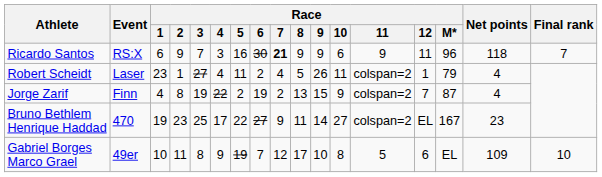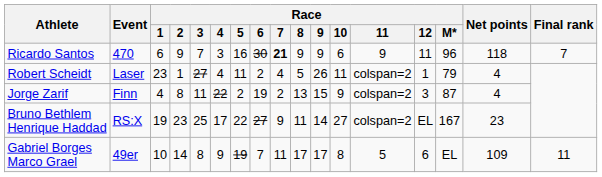 <table class="wikitable" style="font-size:90%">
 <tr>
 <th rowspan="2">Athlete</th>
 <th rowspan="2">Event</th>
 <th colspan=13>Race</th>
 <th rowspan=2>Net points</th>
 <th rowspan=2>Final rank</th>
 </tr>
 <tr style="font-size:95%">
 <th>1</th>
 <th>2</th>
 <th>3</th>
 <th>4</th>
 <th>5</th>
 <th>6</th>
 <th>7</th>
 <th>8</th>
 <th>9</th>
 <th>10</th>
 <th>11</th>
 <th>12</th>
 <th>M*</th>
 </tr>
 <tr align=center>
 <td align=left><a href='#'>Ricardo Santos</a></td>
-<td align=left><a href='#'>RS:X</a></td>
+<td align=left><a href='#'>470</a></td>
 <td>6</td>
 <td>9</td>
 <td>7</td>
 <td>3</td>
 <td>16</td>
 <td><s>30</s></td>
 <td><strong>21</strong></td>
 <td>9</td>
 <td>9</td>
 <td>6</td>
 <td>9</td>
 <td>11</td>
 <td>96</td>
 <td>118</td>
 <td>7</td>
 </tr>
 <tr align=center>
 <td align=left><a href='#'>Robert Scheidt</a></td>
 <td align=left><a href='#'>Laser</a></td>
 <td>23</td>
 <td>1</td>
 <td><s>27</s></td>
 <td>4</td>
 <td>11</td>
 <td>2</td>
 <td>4</td>
 <td>5</td>
 <td>26</td>
 <td>11</td>
 <td>colspan=2 </td>
 <td>1</td>
 <td>79</td>
 <td>4</td>
 </tr>
 <tr align=center>
 <td align=left><a href='#'>Jorge Zarif</a></td>
 <td align=left><a href='#'>Finn</a></td>
 <td>4</td>
 <td>8</td>
-<td>19</td>
+<td>11</td>
 <td><s>22</s></td>
 <td>2</td>
 <td>19</td>
 <td>2</td>
 <td>13</td>
 <td>15</td>
 <td>9</td>
 <td>colspan=2 </td>
-<td>7</td>
+<td>3</td>
 <td>87</td>
 <td>4</td>
 </tr>
 <tr align=center>
 <td align=left><a href='#'>Bruno Bethlem</a><br><a href='#'>Henrique Haddad</a></td>
-<td align=left><a href='#'>470</a></td>
+<td align=left><a href='#'>RS:X</a></td>
 <td>19</td>
 <td>23</td>
 <td>25</td>
 <td>17</td>
 <td>22</td>
 <td><s>27</s></td>
 <td>9</td>
 <td>11</td>
 <td>14</td>
 <td>27</td>
 <td>colspan=2 </td>
 <td>EL</td>
 <td>167</td>
 <td>23</td>
 </tr>
 <tr align=center>
 <td align=left><a href='#'>Gabriel Borges</a><br><a href='#'>Marco Grael</a></td>
 <td align=left><a href='#'>49er</a></td>
 <td>10</td>
-<td>11</td>
+<td>14</td>
 <td>8</td>
 <td>9</td>
 <td><s>19</s></td>
 <td>7</td>
-<td>12</td>
+<td>11</td>
 <td>17</td>
-<td>10</td>
+<td>17</td>
 <td>8</td>
 <td>5</td>
 <td>6</td>
 <td>EL</td>
 <td>109</td>
-<td>10</td>
+<td>11</td>
 </tr>
 </table>
